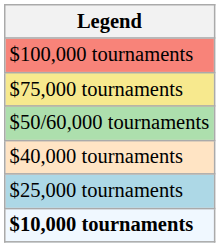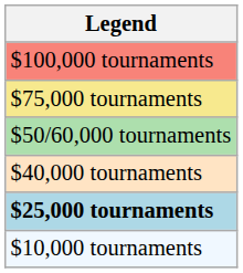 <table class="wikitable" style="font-size:85%">
 <tr>
 <th>Legend</th>
 </tr>
 <tr style="background:#f88379;">
 <td>$100,000 tournaments</td>
 </tr>
 <tr style="background:#f7e98e;">
 <td>$75,000 tournaments</td>
 </tr>
 <tr style="background:#addfad;">
 <td>$50/60,000 tournaments</td>
 </tr>
 <tr style="background:#ffe4c4;">
 <td>$40,000 tournaments</td>
 </tr>
 <tr style="background:lightblue;">
-<td>$25,000 tournaments</td>
+<td><strong>$25,000 tournaments</strong></td>
 </tr>
 <tr style="background:#f0f8ff;">
-<td><strong>$10,000 tournaments</strong></td>
+<td>$10,000 tournaments</td>
 </tr>
 </table>
